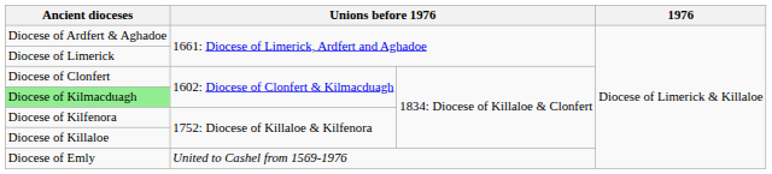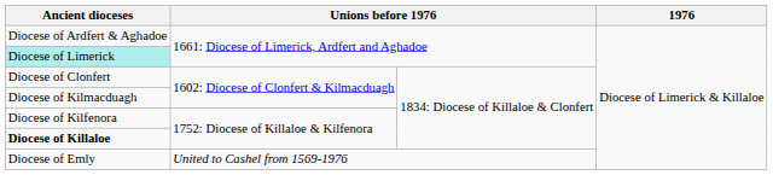 <table class="wikitable">
 <tr>
 <th>Ancient dioceses</th>
 <th colspan=2>Unions before 1976</th>
 <th>1976</th>
 </tr>
 <tr>
 <td>Diocese of Ardfert & Aghadoe</td>
 <td rowspan=2 colspan=2>1661: <a href='#'>Diocese of Limerick, Ardfert and Aghadoe</a></td>
 <td rowspan=7>Diocese of Limerick & Killaloe</td>
 </tr>
 <tr>
-<td>Diocese of Limerick</td>
+<td style="background: paleturquoise;">Diocese of Limerick</td>
 </tr>
 <tr>
 <td>Diocese of Clonfert</td>
 <td rowspan=2>1602: <a href='#'>Diocese of Clonfert & Kilmacduagh</a></td>
 <td rowspan=4>1834: Diocese of Killaloe & Clonfert</td>
 </tr>
 <tr>
-<td style="background: lightgreen;">Diocese of Kilmacduagh</td>
+<td>Diocese of Kilmacduagh</td>
 </tr>
 <tr>
 <td>Diocese of Kilfenora</td>
 <td rowspan=2>1752: Diocese of Killaloe & Kilfenora</td>
 </tr>
 <tr>
-<td>Diocese of Killaloe</td>
+<td><strong>Diocese of Killaloe</strong></td>
 </tr>
 <tr>
 <td>Diocese of Emly</td>
 <td colspan=2><em>United to Cashel from 1569-1976</em></td>
 </tr>
 </table>
